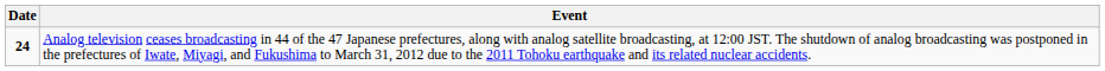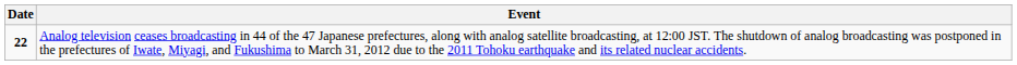 <table class="wikitable">
 <tr>
 <th>Date</th>
 <th>Event</th>
 </tr>
 <tr>
-<td style="text-align:center"><strong>24</strong></td>
+<td style="text-align:center"><strong>22</strong></td>
 <td><a href='#'>Analog television</a> <a href='#'>ceases broadcasting</a> in 44 of the 47 Japanese prefectures, along with analog satellite broadcasting, at 12:00 JST. The shutdown of analog broadcasting was postponed in the prefectures of <a href='#'>Iwate</a>, <a href='#'>Miyagi</a>, and <a href='#'>Fukushima</a> to March 31, 2012 due to the <a href='#'>2011 Tohoku earthquake</a> and <a href='#'>its related nuclear accidents</a>.</td>
 </tr>
 </table>
